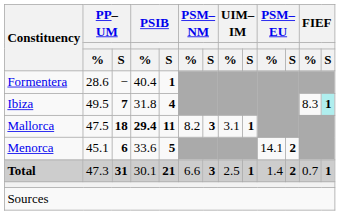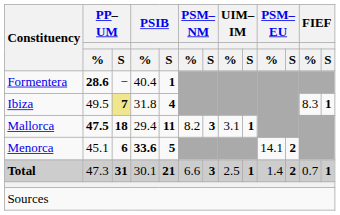 <table class="wikitable sortable" style="text-align:right; line-height:20px;">
 <tr>
 <th rowspan="3">Constituency</th>
 <th colspan="2" width="30px" class="unsortable"><a href='#'>PP</a>–<a href='#'>UM</a></th>
 <th colspan="2" width="30px" class="unsortable"><a href='#'>PSIB</a></th>
 <th colspan="2" width="30px" class="unsortable"><a href='#'>PSM–NM</a></th>
 <th colspan="2" width="30px" class="unsortable">UIM–IM</th>
 <th colspan="2" width="30px" class="unsortable"><a href='#'>PSM–EU</a></th>
 <th colspan="2" width="30px" class="unsortable">FIEF</th>
 </tr>
 <tr>
 <th colspan="2" style="background:"></th>
 <th colspan="2" style="background:"></th>
 <th colspan="2" style="background:"></th>
 <th colspan="2" style="background:"></th>
 <th colspan="2" style="background:"></th>
 <th colspan="2" style="background:"></th>
 </tr>
 <tr>
 <th data-sort-type="number">%</th>
 <th data-sort-type="number">S</th>
 <th data-sort-type="number">%</th>
 <th data-sort-type="number">S</th>
 <th data-sort-type="number">%</th>
 <th data-sort-type="number">S</th>
 <th data-sort-type="number">%</th>
 <th data-sort-type="number">S</th>
 <th data-sort-type="number">%</th>
 <th data-sort-type="number">S</th>
 <th data-sort-type="number">%</th>
 <th data-sort-type="number">S</th>
 </tr>
 <tr>
 <td align="left"><a href='#'>Formentera</a></td>
-<td>28.6</td>
+<td><strong>28.6</strong></td>
 <td>−</td>
 <td style="background:">40.4</td>
 <td><strong>1</strong></td>
 <td colspan="2" rowspan="2" bgcolor="#AAAAAA"></td>
 <td colspan="2" rowspan="2" bgcolor="#AAAAAA"></td>
 <td colspan="2" rowspan="3" bgcolor="#AAAAAA"></td>
 <td colspan="2" bgcolor="#AAAAAA"></td>
 </tr>
 <tr>
 <td align="left"><a href='#'>Ibiza</a></td>
 <td style="background:">49.5</td>
-<td><strong>7</strong></td>
+<td style="background: khaki;"><strong>7</strong></td>
 <td>31.8</td>
 <td><strong>4</strong></td>
 <td>8.3</td>
-<td style="background: paleturquoise;"><strong>1</strong></td>
+<td><strong>1</strong></td>
 </tr>
 <tr>
 <td align="left"><a href='#'>Mallorca</a></td>
-<td style="background:">47.5</td>
+<td style="background:"><strong>47.5</strong></td>
 <td><strong>18</strong></td>
-<td><strong>29.4</strong></td>
+<td>29.4</td>
 <td><strong>11</strong></td>
 <td>8.2</td>
 <td><strong>3</strong></td>
 <td>3.1</td>
 <td><strong>1</strong></td>
 <td colspan="2" rowspan="2" bgcolor="#AAAAAA"></td>
 </tr>
 <tr>
 <td align="left"><a href='#'>Menorca</a></td>
 <td style="background:">45.1</td>
 <td><strong>6</strong></td>
-<td>33.6</td>
+<td><strong>33.6</strong></td>
 <td><strong>5</strong></td>
 <td colspan="2" bgcolor="#AAAAAA"></td>
 <td colspan="2" bgcolor="#AAAAAA"></td>
 <td>14.1</td>
 <td><strong>2</strong></td>
 </tr>
 <tr style="background:#CDCDCD;">
 <td align="left"><strong>Total</strong></td>
 <td style="background:">47.3</td>
 <td><strong>31</strong></td>
 <td>30.1</td>
 <td><strong>21</strong></td>
 <td>6.6</td>
 <td><strong>3</strong></td>
 <td>2.5</td>
 <td><strong>1</strong></td>
 <td>1.4</td>
 <td><strong>2</strong></td>
 <td>0.7</td>
 <td><strong>1</strong></td>
 </tr>
 <tr>
 <th colspan="13"></th>
 </tr>
 <tr>
 <th style="text-align:left; font-weight:normal; background:#F9F9F9" colspan="13">Sources</th>
 </tr>
 </table>
